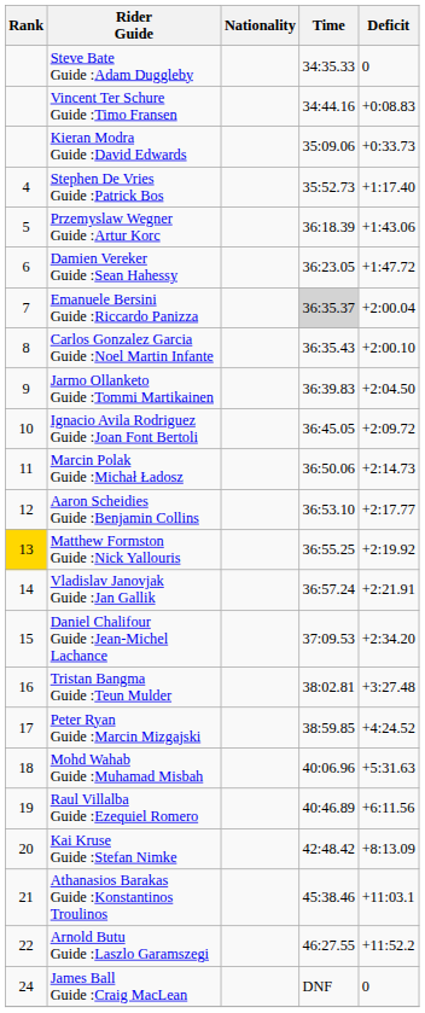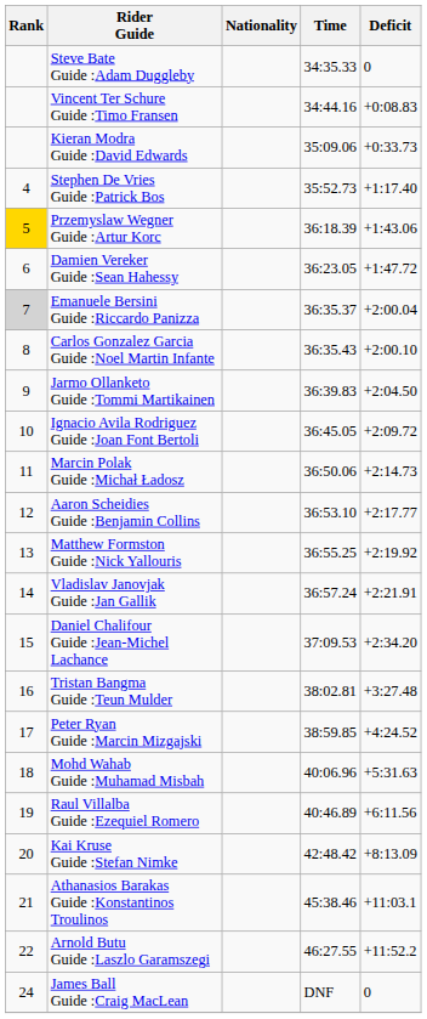 <table class="wikitable sortable" style="text-align:left">
 <tr>
 <th width=20>Rank</th>
 <th width=180>Rider <br>Guide</th>
 <th>Nationality</th>
 <th>Time</th>
 <th>Deficit</th>
 </tr>
 <tr>
 <td align=center></td>
 <td><a href='#'>Steve Bate</a><br>Guide :<a href='#'>Adam Duggleby</a></td>
 <td></td>
 <td>34:35.33</td>
 <td>0</td>
 </tr>
 <tr>
 <td align=center></td>
 <td><a href='#'>Vincent Ter Schure</a><br>Guide :<a href='#'>Timo Fransen</a></td>
 <td></td>
 <td>34:44.16</td>
 <td>+0:08.83</td>
 </tr>
 <tr>
 <td align=center></td>
 <td><a href='#'>Kieran Modra</a><br>Guide :<a href='#'>David Edwards</a></td>
 <td></td>
 <td>35:09.06</td>
 <td>+0:33.73</td>
 </tr>
 <tr>
 <td align=center>4</td>
 <td><a href='#'>Stephen De Vries</a><br>Guide :<a href='#'>Patrick Bos</a></td>
 <td></td>
 <td>35:52.73</td>
 <td>+1:17.40</td>
 </tr>
 <tr>
-<td align=center>5</td>
+<td align=center style="background: gold;">5</td>
 <td><a href='#'>Przemyslaw Wegner</a><br>Guide :<a href='#'>Artur Korc</a></td>
 <td></td>
 <td>36:18.39</td>
 <td>+1:43.06</td>
 </tr>
 <tr>
 <td align=center>6</td>
 <td><a href='#'>Damien Vereker</a><br>Guide :<a href='#'>Sean Hahessy</a></td>
 <td></td>
 <td>36:23.05</td>
 <td>+1:47.72</td>
 </tr>
 <tr>
-<td align=center>7</td>
+<td align=center style="background: lightgrey;">7</td>
 <td><a href='#'>Emanuele Bersini</a><br>Guide :<a href='#'>Riccardo Panizza</a></td>
 <td></td>
-<td style="background: lightgrey;">36:35.37</td>
+<td>36:35.37</td>
 <td>+2:00.04</td>
 </tr>
 <tr>
 <td align=center>8</td>
 <td><a href='#'>Carlos Gonzalez Garcia</a><br>Guide :<a href='#'>Noel Martin Infante</a></td>
 <td></td>
 <td>36:35.43</td>
 <td>+2:00.10</td>
 </tr>
 <tr>
 <td align=center>9</td>
 <td><a href='#'>Jarmo Ollanketo</a><br>Guide :<a href='#'>Tommi Martikainen</a></td>
 <td></td>
 <td>36:39.83</td>
 <td>+2:04.50</td>
 </tr>
 <tr>
 <td align=center>10</td>
 <td><a href='#'>Ignacio Avila Rodriguez</a><br>Guide :<a href='#'>Joan Font Bertoli</a></td>
 <td></td>
 <td>36:45.05</td>
 <td>+2:09.72</td>
 </tr>
 <tr>
 <td align=center>11</td>
 <td><a href='#'>Marcin Polak</a><br>Guide :<a href='#'>Michał Ładosz</a></td>
 <td></td>
 <td>36:50.06</td>
 <td>+2:14.73</td>
 </tr>
 <tr>
 <td align=center>12</td>
 <td><a href='#'>Aaron Scheidies</a><br>Guide :<a href='#'>Benjamin Collins</a></td>
 <td></td>
 <td>36:53.10</td>
 <td>+2:17.77</td>
 </tr>
 <tr>
-<td align=center style="background: gold;">13</td>
+<td align=center>13</td>
 <td><a href='#'>Matthew Formston</a><br>Guide :<a href='#'>Nick Yallouris</a></td>
 <td></td>
 <td>36:55.25</td>
 <td>+2:19.92</td>
 </tr>
 <tr>
 <td align=center>14</td>
 <td><a href='#'>Vladislav Janovjak</a><br>Guide :<a href='#'>Jan Gallik</a></td>
 <td></td>
 <td>36:57.24</td>
 <td>+2:21.91</td>
 </tr>
 <tr>
 <td align=center>15</td>
 <td><a href='#'>Daniel Chalifour</a><br>Guide :<a href='#'>Jean-Michel Lachance</a></td>
 <td></td>
 <td>37:09.53</td>
 <td>+2:34.20</td>
 </tr>
 <tr>
 <td align=center>16</td>
 <td><a href='#'>Tristan Bangma</a><br>Guide :<a href='#'>Teun Mulder</a></td>
 <td></td>
 <td>38:02.81</td>
 <td>+3:27.48</td>
 </tr>
 <tr>
 <td align=center>17</td>
 <td><a href='#'>Peter Ryan</a><br>Guide :<a href='#'>Marcin Mizgajski</a></td>
 <td></td>
 <td>38:59.85</td>
 <td>+4:24.52</td>
 </tr>
 <tr>
 <td align=center>18</td>
 <td><a href='#'>Mohd Wahab</a><br>Guide :<a href='#'>Muhamad Misbah</a></td>
 <td></td>
 <td>40:06.96</td>
 <td>+5:31.63</td>
 </tr>
 <tr>
 <td align=center>19</td>
 <td><a href='#'>Raul Villalba</a><br>Guide :<a href='#'>Ezequiel Romero</a></td>
 <td></td>
 <td>40:46.89</td>
 <td>+6:11.56</td>
 </tr>
 <tr>
 <td align=center>20</td>
 <td><a href='#'>Kai Kruse</a><br>Guide :<a href='#'>Stefan Nimke</a></td>
 <td></td>
 <td>42:48.42</td>
 <td>+8:13.09</td>
 </tr>
 <tr>
 <td align=center>21</td>
 <td><a href='#'>Athanasios Barakas</a><br>Guide :<a href='#'>Konstantinos Troulinos</a></td>
 <td></td>
 <td>45:38.46</td>
 <td>+11:03.1</td>
 </tr>
 <tr>
 <td align=center>22</td>
 <td><a href='#'>Arnold Butu</a><br>Guide :<a href='#'>Laszlo Garamszegi</a></td>
 <td></td>
 <td>46:27.55</td>
 <td>+11:52.2</td>
 </tr>
 <tr>
 <td align=center>24</td>
 <td><a href='#'>James Ball</a><br>Guide :<a href='#'>Craig MacLean</a></td>
 <td></td>
 <td>DNF</td>
 <td>0</td>
 </tr>
 <tr>
 </tr>
 </table>
